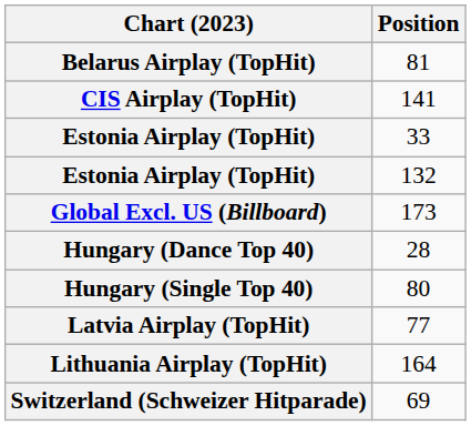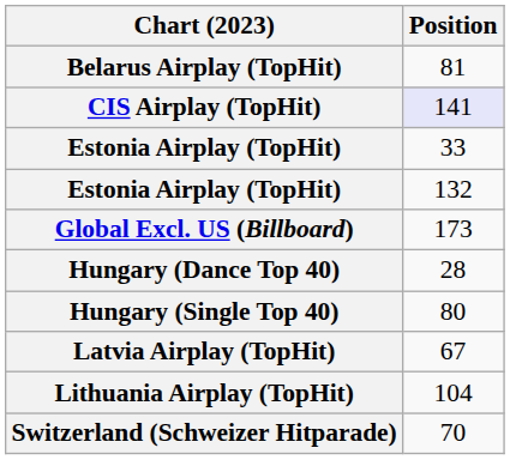 <table class="wikitable sortable plainrowheaders" style="text-align:center;">
 <tr>
 <th scope="col">Chart (2023)</th>
 <th scope="col">Position</th>
 </tr>
 <tr>
 <th scope="row">Belarus Airplay (TopHit)</th>
 <td>81</td>
 </tr>
 <tr>
 <th scope="row"><a href='#'>CIS</a> Airplay (TopHit)</th>
-<td>141</td>
+<td style="background: lavender;">141</td>
 </tr>
 <tr>
 <th scope="row">Estonia Airplay (TopHit)</th>
 <td>33</td>
 </tr>
 <tr>
 <th scope="row">Estonia Airplay (TopHit)<br></th>
 <td>132</td>
 </tr>
 <tr>
 <th scope="row"><a href='#'>Global Excl. US</a> (<em>Billboard</em>)</th>
 <td>173</td>
 </tr>
 <tr>
 <th scope="row">Hungary (Dance Top 40)</th>
 <td>28</td>
 </tr>
 <tr>
 <th scope="row">Hungary (Single Top 40)</th>
 <td>80</td>
 </tr>
 <tr>
 <th scope="row">Latvia Airplay (TopHit)</th>
-<td>77</td>
+<td>67</td>
 </tr>
 <tr>
 <th scope="row">Lithuania Airplay (TopHit)</th>
-<td>164</td>
+<td>104</td>
 </tr>
 <tr>
 <th scope="row">Switzerland (Schweizer Hitparade)</th>
-<td>69</td>
+<td>70</td>
 </tr>
 </table>
